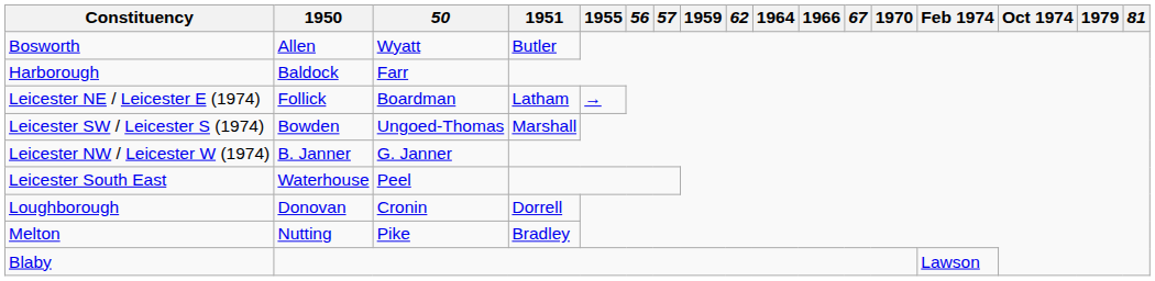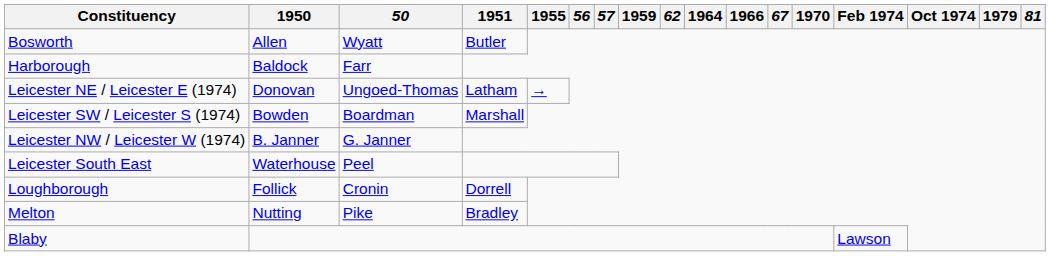 <table class="wikitable">
 <tr>
 <th>Constituency</th>
 <th>1950</th>
 <th><em>50</em></th>
 <th>1951</th>
 <th>1955</th>
 <th><em>56</em></th>
 <th><em>57</em></th>
 <th>1959</th>
 <th><em>62</em></th>
 <th>1964</th>
 <th>1966</th>
 <th><em>67</em></th>
 <th>1970</th>
 <th>Feb 1974</th>
 <th>Oct 1974</th>
 <th>1979</th>
 <th><em>81</em></th>
 </tr>
 <tr>
 <td><a href='#'>Bosworth</a></td>
 <td><a href='#'>Allen</a></td>
 <td><a href='#'>Wyatt</a></td>
 <td><a href='#'>Butler</a></td>
 </tr>
 <tr>
 <td><a href='#'>Harborough</a></td>
 <td><a href='#'>Baldock</a></td>
 <td><a href='#'>Farr</a></td>
 </tr>
 <tr>
 <td><a href='#'>Leicester NE</a> / <a href='#'>Leicester E</a> (1974)</td>
-<td><a href='#'>Follick</a></td>
-<td><a href='#'>Boardman</a></td>
+<td><a href='#'>Donovan</a></td>
+<td><a href='#'>Ungoed-Thomas</a></td>
 <td><a href='#'>Latham</a></td>
 <td><a href='#'>→</a></td>
 </tr>
 <tr>
 <td><a href='#'>Leicester SW</a> / <a href='#'>Leicester S</a> (1974)</td>
 <td><a href='#'>Bowden</a></td>
-<td><a href='#'>Ungoed-Thomas</a></td>
+<td><a href='#'>Boardman</a></td>
 <td><a href='#'>Marshall</a></td>
 </tr>
 <tr>
 <td><a href='#'>Leicester NW</a> / <a href='#'>Leicester W</a> (1974)</td>
 <td><a href='#'>B. Janner</a></td>
 <td><a href='#'>G. Janner</a></td>
 </tr>
 <tr>
 <td><a href='#'>Leicester South East</a></td>
 <td><a href='#'>Waterhouse</a></td>
 <td><a href='#'>Peel</a></td>
 <td colspan="4"></td>
 </tr>
 <tr>
 <td><a href='#'>Loughborough</a></td>
-<td><a href='#'>Donovan</a></td>
+<td><a href='#'>Follick</a></td>
 <td><a href='#'>Cronin</a></td>
 <td><a href='#'>Dorrell</a></td>
 </tr>
 <tr>
 <td><a href='#'>Melton</a></td>
 <td><a href='#'>Nutting</a></td>
 <td><a href='#'>Pike</a></td>
 <td><a href='#'>Bradley</a></td>
 </tr>
 <tr>
 <td><a href='#'>Blaby</a></td>
 <td colspan="12"></td>
 <td><a href='#'>Lawson</a></td>
 </tr>
 </table>
